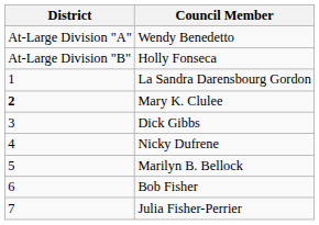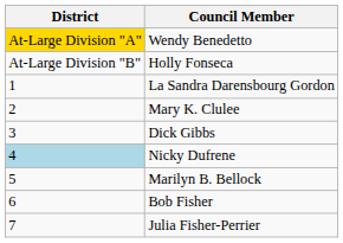 <table class="wikitable">
 <tr>
 <th>District</th>
 <th>Council Member</th>
 </tr>
 <tr>
-<td>At-Large Division "A"</td>
+<td style="background: gold;">At-Large Division "A"</td>
 <td>Wendy Benedetto</td>
 </tr>
 <tr>
 <td>At-Large Division "B"</td>
 <td>Holly Fonseca</td>
 </tr>
 <tr>
 <td>1</td>
 <td>La Sandra Darensbourg Gordon</td>
 </tr>
 <tr>
-<td><strong>2</strong></td>
+<td>2</td>
 <td>Mary K. Clulee</td>
 </tr>
 <tr>
 <td>3</td>
 <td>Dick Gibbs</td>
 </tr>
 <tr>
-<td>4</td>
+<td style="background: lightblue;">4</td>
 <td>Nicky Dufrene</td>
 </tr>
 <tr>
 <td>5</td>
 <td>Marilyn B. Bellock</td>
 </tr>
 <tr>
 <td>6</td>
 <td>Bob Fisher</td>
 </tr>
 <tr>
 <td>7</td>
 <td>Julia Fisher-Perrier</td>
 </tr>
 </table>
